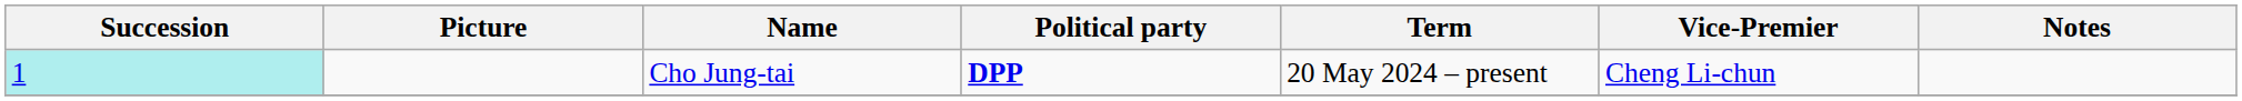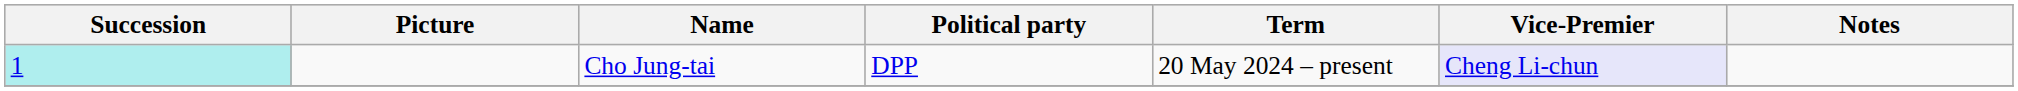 <table class="wikitable collapsible"  style="width: 100%;">
 <tr>
 <th style="text-align:center; width:100px;">Succession</th>
 <th style="text-align:center; width:100px;">Picture</th>
 <th style="text-align:center; width:100px;">Name</th>
 <th style="text-align:center; width:100px;">Political party</th>
 <th style="text-align:center; width:100px;">Term</th>
 <th style="text-align:center; width:100px;">Vice-Premier</th>
 <th style="text-align:center; width:100px;">Notes</th>
 </tr>
 <tr>
 <td style="background: paleturquoise;"><a href='#'>1</a></td>
 <td></td>
 <td><a href='#'>Cho Jung-tai</a></td>
-<td><strong><a href='#'>DPP</a></strong></td>
+<td><a href='#'>DPP</a></td>
 <td>20 May 2024 – present</td>
-<td><a href='#'>Cheng Li-chun</a></td>
+<td style="background: lavender;"><a href='#'>Cheng Li-chun</a></td>
 <td></td>
 </tr>
 <tr>
 </tr>
 </table>
